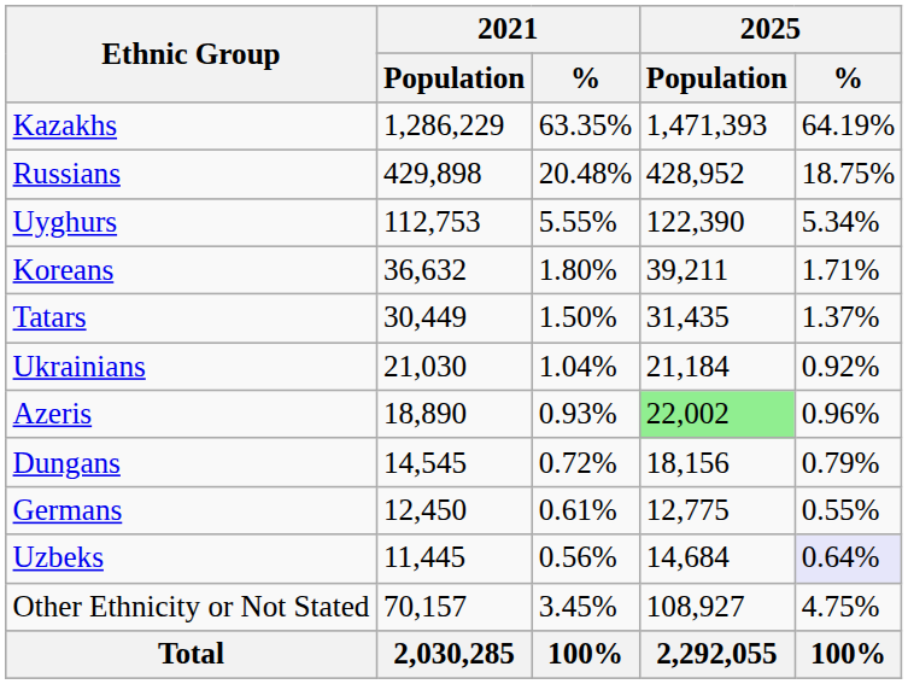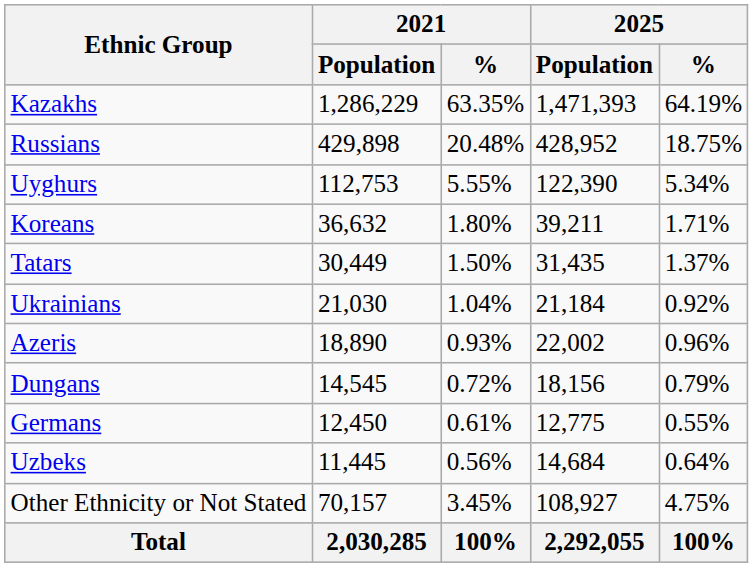 <table class="wikitable sortable">
 <tr>
 <th rowspan="2">Ethnic Group</th>
 <th colspan="2">2021</th>
 <th colspan="2">2025</th>
 </tr>
 <tr>
 <th>Population</th>
 <th>%</th>
 <th>Population</th>
 <th>%</th>
 </tr>
 <tr>
 <td><a href='#'>Kazakhs</a></td>
 <td>1,286,229</td>
 <td>63.35%</td>
 <td>1,471,393</td>
 <td>64.19%</td>
 </tr>
 <tr>
 <td><a href='#'>Russians</a></td>
 <td>429,898</td>
 <td>20.48%</td>
 <td>428,952</td>
 <td>18.75%</td>
 </tr>
 <tr>
 <td><a href='#'>Uyghurs</a></td>
 <td>112,753</td>
 <td>5.55%</td>
 <td>122,390</td>
 <td>5.34%</td>
 </tr>
 <tr>
 <td><a href='#'>Koreans</a></td>
 <td>36,632</td>
 <td>1.80%</td>
 <td>39,211</td>
 <td>1.71%</td>
 </tr>
 <tr>
 <td><a href='#'>Tatars</a></td>
 <td>30,449</td>
 <td>1.50%</td>
 <td>31,435</td>
 <td>1.37%</td>
 </tr>
 <tr>
 <td><a href='#'>Ukrainians</a></td>
 <td>21,030</td>
 <td>1.04%</td>
 <td>21,184</td>
 <td>0.92%</td>
 </tr>
 <tr>
 <td><a href='#'>Azeris</a></td>
 <td>18,890</td>
 <td>0.93%</td>
-<td style="background: lightgreen;">22,002</td>
+<td>22,002</td>
 <td>0.96%</td>
 </tr>
 <tr>
 <td><a href='#'>Dungans</a></td>
 <td>14,545</td>
 <td>0.72%</td>
 <td>18,156</td>
 <td>0.79%</td>
 </tr>
 <tr>
 <td><a href='#'>Germans</a></td>
 <td>12,450</td>
 <td>0.61%</td>
 <td>12,775</td>
 <td>0.55%</td>
 </tr>
 <tr>
 <td><a href='#'>Uzbeks</a></td>
 <td>11,445</td>
 <td>0.56%</td>
 <td>14,684</td>
-<td style="background: lavender;">0.64%</td>
+<td>0.64%</td>
 </tr>
 <tr>
 <td>Other Ethnicity or Not Stated</td>
 <td>70,157</td>
 <td>3.45%</td>
 <td>108,927</td>
 <td>4.75%</td>
 </tr>
 <tr>
 <th>Total</th>
 <th>2,030,285</th>
 <th>100%</th>
 <th>2,292,055</th>
 <th>100%</th>
 </tr>
 </table>
